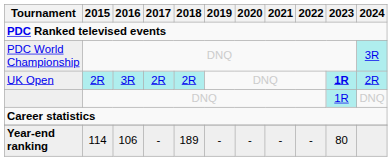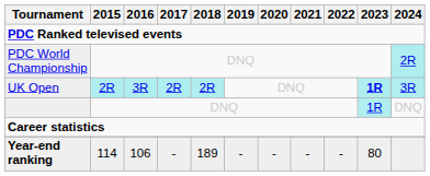 <table class="wikitable" style="width:30%; margin:0">
 <tr>
 <th>Tournament</th>
 <th>2015</th>
 <th>2016</th>
 <th>2017</th>
 <th>2018</th>
 <th>2019</th>
 <th>2020</th>
 <th>2021</th>
 <th>2022</th>
 <th>2023</th>
 <th>2024</th>
 </tr>
 <tr>
 <td colspan="31" align="left"><strong><a href='#'>PDC</a> Ranked televised events</strong></td>
 </tr>
 <tr>
 <td style="background:#efefef;"><a href='#'>PDC World Championship</a></td>
 <td colspan="9" style="text-align:center; color:#ccc;">DNQ</td>
-<td style="text-align:center; background:#afeeee;"><a href='#'>3R</a></td>
+<td style="text-align:center; background:#afeeee;"><a href='#'>2R</a></td>
 </tr>
 <tr>
 <td style="background:#efefef;"><a href='#'>UK Open</a></td>
 <td style="text-align:center; background:#afeeee;"><a href='#'>2R</a></td>
 <td style="text-align:center; background:#afeeee;"><a href='#'>3R</a></td>
 <td style="text-align:center; background:#afeeee;"><a href='#'>2R</a></td>
 <td style="text-align:center; background:#afeeee;"><a href='#'>2R</a></td>
 <td colspan="4" style="text-align:center; color:#ccc;">DNQ</td>
 <td style="text-align:center; background:#afeeee;"><strong><a href='#'>1R</a></strong></td>
-<td style="text-align:center; background:#afeeee;"><a href='#'>2R</a></td>
+<td style="text-align:center; background:#afeeee;"><a href='#'>3R</a></td>
 </tr>
 <tr>
 <td style="background:#efefef;"></td>
 <td colspan="8" style="text-align:center; color:#ccc;">DNQ</td>
 <td style="text-align:center; background:#afeeee;"><a href='#'>1R</a></td>
 <td style="text-align:center; color:#ccc;">DNQ</td>
 </tr>
 <tr>
 <td colspan="25" align="left"><strong>Career statistics</strong></td>
 </tr>
 <tr>
 </tr>
 <tr bgcolor="efefef">
 <td align="left"><strong>Year-end ranking</strong></td>
 <td style="text-align:center;">114</td>
 <td style="text-align:center;">106</td>
 <td style="text-align:center;">-</td>
 <td style="text-align:center;">189</td>
 <td style="text-align:center;">-</td>
 <td style="text-align:center;">-</td>
 <td style="text-align:center;">-</td>
 <td style="text-align:center;">-</td>
 <td style="text-align:center;">80</td>
 <td></td>
 </tr>
 </table>
